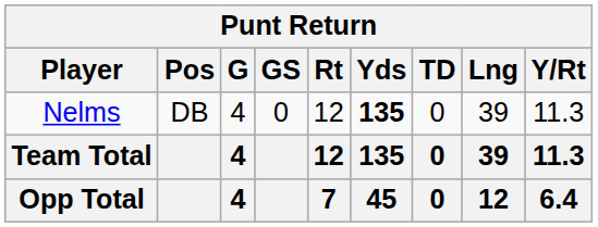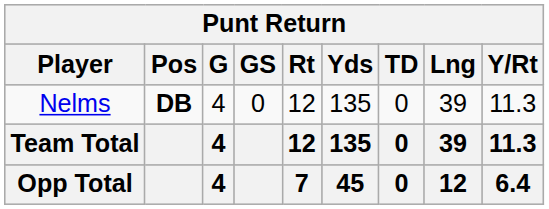 <table class="wikitable" style="text-align:center">
 <tr>
 <th colspan="9">Punt Return</th>
 </tr>
 <tr>
 <th>Player</th>
 <th>Pos</th>
 <th>G</th>
 <th>GS</th>
 <th>Rt</th>
 <th>Yds</th>
 <th>TD</th>
 <th>Lng</th>
 <th>Y/Rt</th>
 </tr>
 <tr>
 <td><a href='#'>Nelms</a></td>
-<td>DB</td>
+<td><strong>DB</strong></td>
 <td>4</td>
 <td>0</td>
 <td>12</td>
-<td><strong>135</strong></td>
+<td>135</td>
 <td>0</td>
 <td>39</td>
 <td>11.3</td>
 </tr>
 <tr>
 <th>Team Total</th>
 <th></th>
 <th>4</th>
 <th></th>
 <th>12</th>
 <th>135</th>
 <th>0</th>
 <th>39</th>
 <th>11.3</th>
 </tr>
 <tr>
 <th>Opp Total</th>
 <th></th>
 <th>4</th>
 <th></th>
 <th>7</th>
 <th>45</th>
 <th>0</th>
 <th>12</th>
 <th>6.4</th>
 </tr>
 </table>
